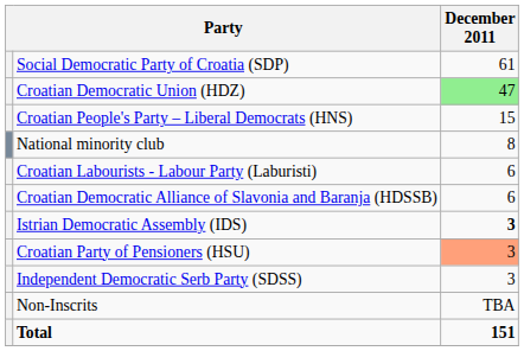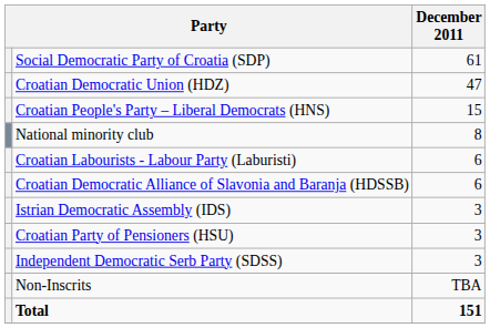 <table class="wikitable" style="font-size: 95%;">
 <tr>
 <th colspan=2>Party</th>
 <th>December<br> 2011</th>
 </tr>
 <tr>
 <th style="background-color: "></th>
 <td><a href='#'>Social Democratic Party of Croatia</a> (SDP)</td>
 <td align="right">61</td>
 </tr>
 <tr>
 <th style="background-color: "></th>
 <td><a href='#'>Croatian Democratic Union</a> (HDZ)</td>
-<td align="right" style="background: lightgreen;">47</td>
+<td align="right">47</td>
 </tr>
 <tr>
 <th style="background-color: "></th>
 <td><a href='#'>Croatian People's Party – Liberal Democrats</a> (HNS)</td>
 <td align="right">15</td>
 </tr>
 <tr>
 <th style="background-color: #778899"></th>
 <td>National minority club</td>
 <td align="right">8</td>
 </tr>
 <tr>
 <th style="background-color: "></th>
 <td><a href='#'>Croatian Labourists - Labour Party</a> (Laburisti)</td>
 <td align="right">6</td>
 </tr>
 <tr>
 <th style="background-color: "></th>
 <td><a href='#'>Croatian Democratic Alliance of Slavonia and Baranja</a> (HDSSB)</td>
 <td align="right">6</td>
 </tr>
 <tr>
 <th style="background-color: "></th>
 <td><a href='#'>Istrian Democratic Assembly</a> (IDS)</td>
-<td align="right"><strong>3</strong></td>
+<td align="right">3</td>
 </tr>
 <tr>
 <th style="background-color: "></th>
 <td><a href='#'>Croatian Party of Pensioners</a> (HSU)</td>
-<td align="right" style="background: lightsalmon;">3</td>
+<td align="right">3</td>
 </tr>
 <tr>
 <th style="background-color: "></th>
 <td><a href='#'>Independent Democratic Serb Party</a> (SDSS)</td>
 <td align="right">3</td>
 </tr>
 <tr>
 <th style="background-color: "></th>
 <td>Non-Inscrits</td>
 <td align="right">TBA</td>
 </tr>
 <tr>
 <th style="background-color: "></th>
 <td><strong>Total</strong></td>
 <td align="right"><strong>151</strong></td>
 </tr>
 <tr>
 </tr>
 </table>
